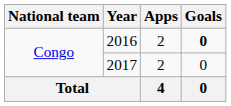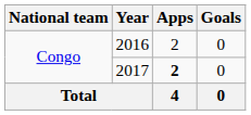 <table class="wikitable" style="text-align: center;">
 <tr>
 <th>National team</th>
 <th>Year</th>
 <th>Apps</th>
 <th>Goals</th>
 </tr>
 <tr>
 <td rowspan="2"><a href='#'>Congo</a></td>
 <td>2016</td>
 <td>2</td>
-<td><strong>0</strong></td>
+<td>0</td>
 </tr>
 <tr>
 <td>2017</td>
-<td>2</td>
+<td><strong>2</strong></td>
 <td>0</td>
 </tr>
 <tr>
 <th colspan="2">Total</th>
 <th>4</th>
 <th>0</th>
 </tr>
 </table>
